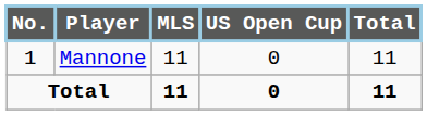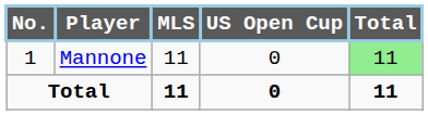 <table class="wikitable sortable" style="text-align:center">
 <tr>
 <th style="background:#585958;color:#FFFFFF;border:2px solid #9BCDE4">No.</th>
 <th style="background:#585958;color:#FFFFFF;border:2px solid #9BCDE4">Player</th>
 <th style="background:#585958;color:#FFFFFF;border:2px solid #9BCDE4">MLS</th>
 <th style="background:#585958;color:#FFFFFF;border:2px solid #9BCDE4">US Open Cup</th>
 <th style="background:#585958;color:#FFFFFF;border:2px solid #9BCDE4">Total</th>
 </tr>
 <tr>
 <td>1</td>
 <td align="left"> <a href='#'>Mannone</a></td>
 <td>11</td>
 <td>0</td>
-<td>11</td>
+<td style="background: lightgreen;">11</td>
 </tr>
 <tr class="sortbottom">
 <td colspan="2"><strong>Total</strong></td>
 <td><strong>11</strong></td>
 <td><strong>0</strong></td>
 <td><strong>11</strong></td>
 </tr>
 </table>
